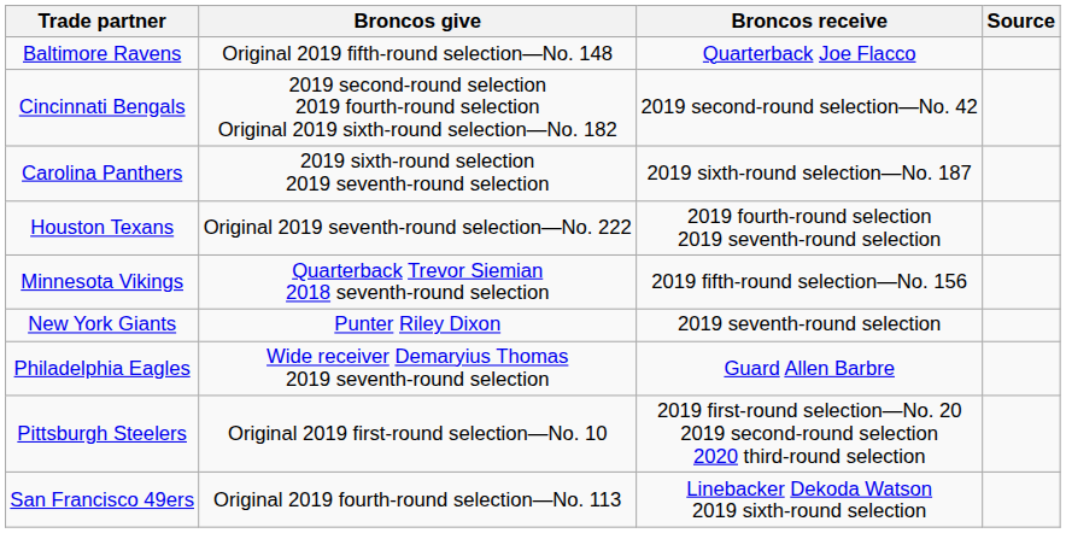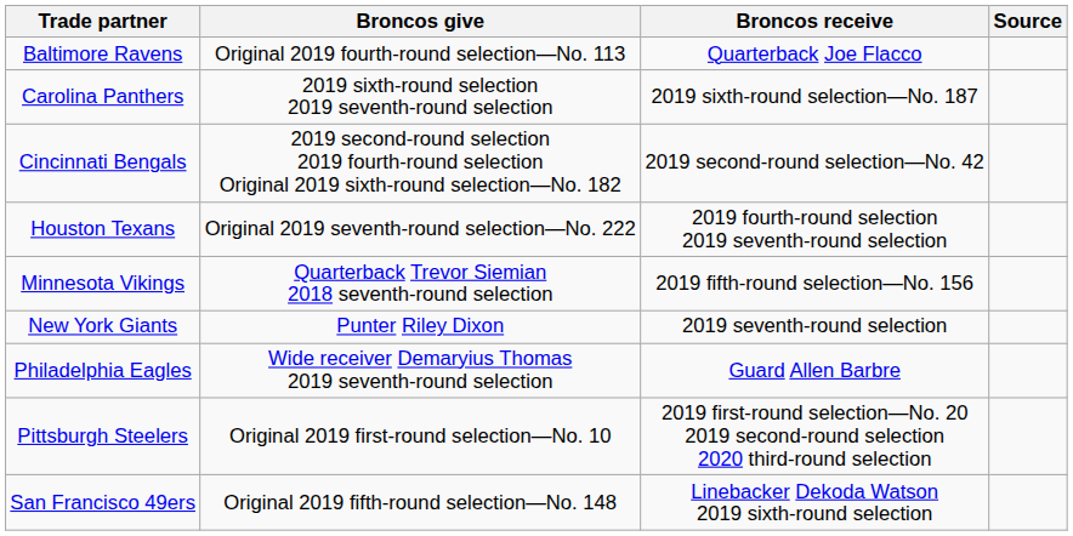 <table class="wikitable" style="text-align:center">
 <tr>
 <th>Trade partner</th>
 <th>Broncos give</th>
 <th>Broncos receive</th>
 <th>Source</th>
 </tr>
 <tr>
 <td><a href='#'>Baltimore Ravens</a></td>
-<td>Original 2019 fifth-round selection—No. 148</td>
+<td>Original 2019 fourth-round selection—No. 113</td>
 <td><a href='#'>Quarterback</a> <a href='#'>Joe Flacco</a></td>
+<td></td>
+</tr>
+<tr>
+<td><a href='#'>Carolina Panthers</a></td>
+<td>2019 sixth-round selection <br>2019 seventh-round selection </td>
+<td>2019 sixth-round selection—No. 187</td>
 <td></td>
 </tr>
 <tr>
 <td><a href='#'>Cincinnati Bengals</a></td>
 <td>2019 second-round selection <br>2019 fourth-round selection <br>Original 2019 sixth-round selection—No. 182</td>
 <td>2019 second-round selection—No. 42</td>
-<td></td>
-</tr>
-<tr>
-<td><a href='#'>Carolina Panthers</a></td>
-<td>2019 sixth-round selection <br>2019 seventh-round selection </td>
-<td>2019 sixth-round selection—No. 187</td>
 <td></td>
 </tr>
 <tr>
 <td><a href='#'>Houston Texans</a></td>
 <td>Original 2019 seventh-round selection—No. 222</td>
 <td>2019 fourth-round selection <br>2019 seventh-round selection </td>
 <td></td>
 </tr>
 <tr>
 <td><a href='#'>Minnesota Vikings</a></td>
 <td><a href='#'>Quarterback</a> <a href='#'>Trevor Siemian</a><br><a href='#'>2018</a> seventh-round selection</td>
 <td>2019 fifth-round selection—No. 156</td>
 <td></td>
 </tr>
 <tr>
 <td><a href='#'>New York Giants</a></td>
 <td><a href='#'>Punter</a> <a href='#'>Riley Dixon</a></td>
 <td>2019 seventh-round selection </td>
 <td></td>
 </tr>
 <tr>
 <td><a href='#'>Philadelphia Eagles</a></td>
 <td><a href='#'>Wide receiver</a> <a href='#'>Demaryius Thomas</a><br>2019 seventh-round selection </td>
 <td><a href='#'>Guard</a> <a href='#'>Allen Barbre</a></td>
 <td></td>
 </tr>
 <tr>
 <td><a href='#'>Pittsburgh Steelers</a></td>
 <td>Original 2019 first-round selection—No. 10</td>
 <td>2019 first-round selection—No. 20<br>2019 second-round selection <br><a href='#'>2020</a> third-round selection</td>
 <td></td>
 </tr>
 <tr>
 <td><a href='#'>San Francisco 49ers</a></td>
-<td>Original 2019 fourth-round selection—No. 113</td>
+<td>Original 2019 fifth-round selection—No. 148</td>
 <td><a href='#'>Linebacker</a> <a href='#'>Dekoda Watson</a><br>2019 sixth-round selection </td>
 <td></td>
 </tr>
 </table>
